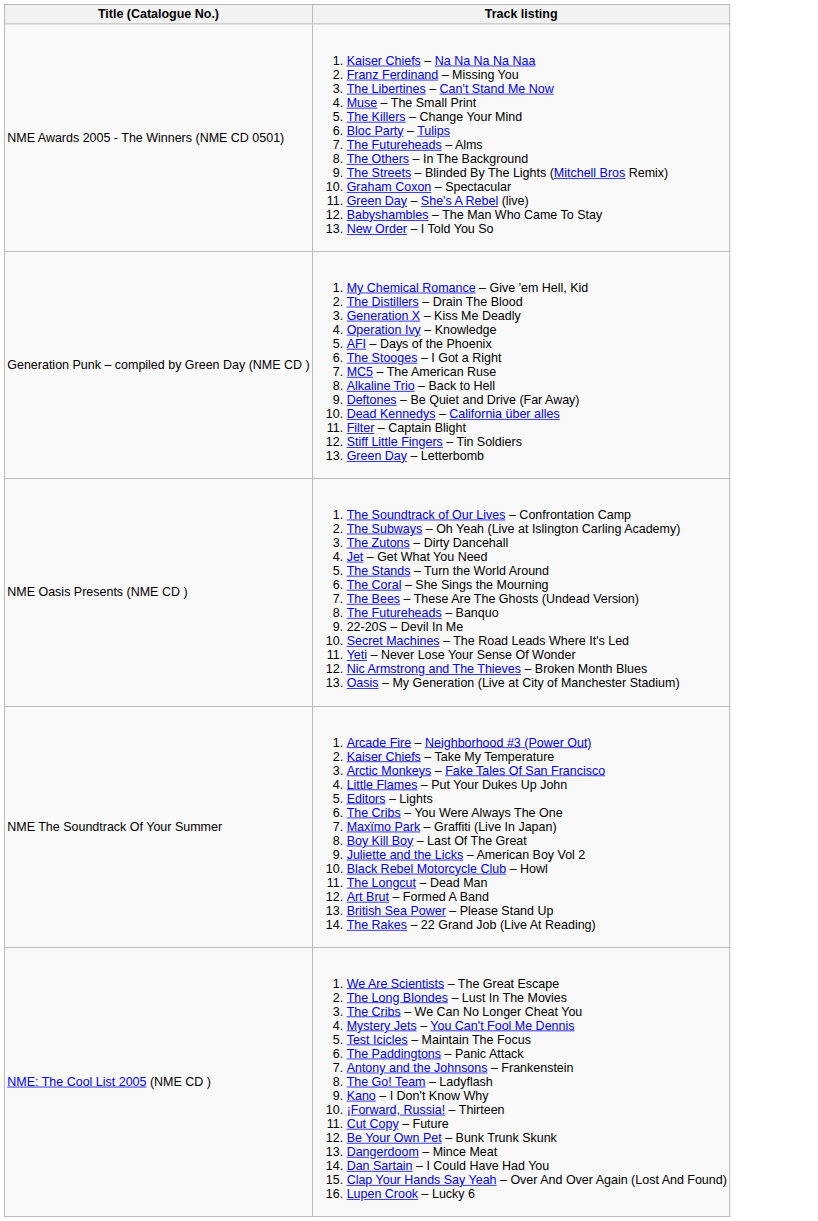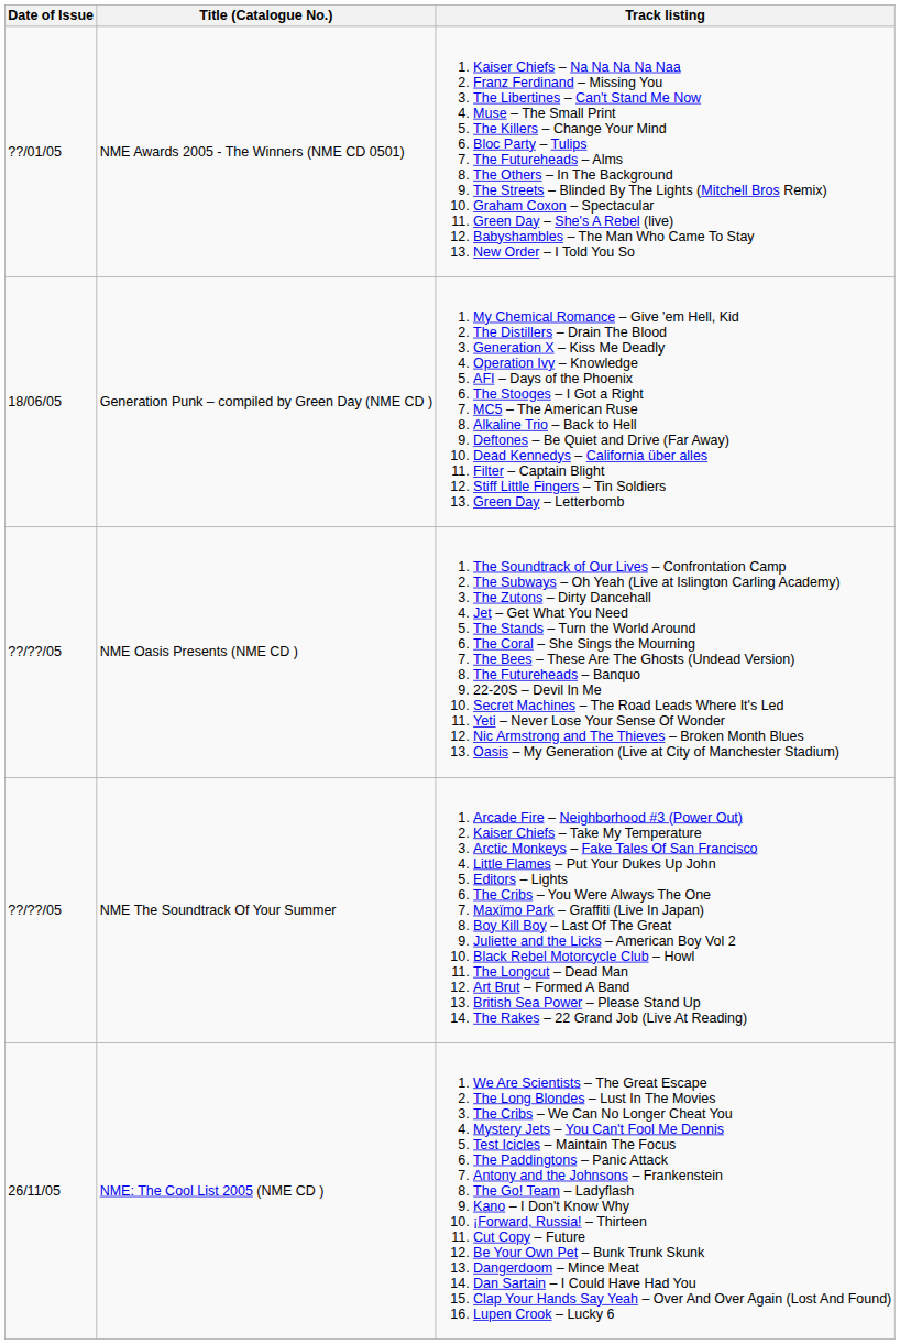 <table class="wikitable">
 <tr>
+<th>Date of Issue</th>
 <th>Title (Catalogue No.)</th>
 <th>Track listing</th>
 </tr>
 <tr>
+<td>??/01/05</td>
 <td>NME Awards 2005 - The Winners (NME CD 0501)</td>
 <td><br><ol><li><a href='#'>Kaiser Chiefs</a> – <a href='#'>Na Na Na Na Naa</a></li><li><a href='#'>Franz Ferdinand</a> – Missing You</li><li><a href='#'>The Libertines</a> – <a href='#'>Can't Stand Me Now</a></li><li><a href='#'>Muse</a> – The Small Print</li><li><a href='#'>The Killers</a> – Change Your Mind</li><li><a href='#'>Bloc Party</a> – <a href='#'>Tulips</a></li><li><a href='#'>The Futureheads</a> – Alms</li><li><a href='#'>The Others</a> – In The Background</li><li><a href='#'>The Streets</a> – Blinded By The Lights (<a href='#'>Mitchell Bros</a> Remix)</li><li><a href='#'>Graham Coxon</a> – Spectacular</li><li><a href='#'>Green Day</a> – <a href='#'>She's A Rebel</a> (live)</li><li><a href='#'>Babyshambles</a> – The Man Who Came To Stay</li><li><a href='#'>New Order</a> – I Told You So</li></ol></td>
 </tr>
 <tr>
+<td>18/06/05</td>
 <td>Generation Punk – compiled by Green Day (NME CD )</td>
 <td><br><ol><li><a href='#'>My Chemical Romance</a> – Give 'em Hell, Kid</li><li><a href='#'>The Distillers</a> – Drain The Blood</li><li><a href='#'>Generation X</a> – Kiss Me Deadly</li><li><a href='#'>Operation Ivy</a> – Knowledge</li><li><a href='#'>AFI</a> – Days of the Phoenix</li><li><a href='#'>The Stooges</a> – I Got a Right</li><li><a href='#'>MC5</a> – The American Ruse</li><li><a href='#'>Alkaline Trio</a> – Back to Hell</li><li><a href='#'>Deftones</a> – Be Quiet and Drive (Far Away)</li><li><a href='#'>Dead Kennedys</a> – <a href='#'>California über alles</a></li><li><a href='#'>Filter</a> – Captain Blight</li><li><a href='#'>Stiff Little Fingers</a> – Tin Soldiers</li><li><a href='#'>Green Day</a> – Letterbomb</li></ol></td>
 </tr>
 <tr>
+<td>??/??/05</td>
 <td>NME Oasis Presents (NME CD )</td>
 <td><br><ol><li><a href='#'>The Soundtrack of Our Lives</a> – Confrontation Camp</li><li><a href='#'>The Subways</a> – Oh Yeah (Live at Islington Carling Academy)</li><li><a href='#'>The Zutons</a> – Dirty Dancehall</li><li><a href='#'>Jet</a> – Get What You Need</li><li><a href='#'>The Stands</a> – Turn the World Around</li><li><a href='#'>The Coral</a> – She Sings the Mourning</li><li><a href='#'>The Bees</a> – These Are The Ghosts (Undead Version)</li><li><a href='#'>The Futureheads</a> – Banquo</li><li>22-20S – Devil In Me</li><li><a href='#'>Secret Machines</a> – The Road Leads Where It's Led</li><li><a href='#'>Yeti</a> – Never Lose Your Sense Of Wonder</li><li><a href='#'>Nic Armstrong and The Thieves</a> – Broken Month Blues</li><li><a href='#'>Oasis</a> – My Generation (Live at City of Manchester Stadium)</li></ol></td>
 </tr>
 <tr>
+<td>??/??/05</td>
 <td>NME The Soundtrack Of Your Summer</td>
 <td><br><ol><li><a href='#'>Arcade Fire</a> – <a href='#'>Neighborhood #3 (Power Out)</a></li><li><a href='#'>Kaiser Chiefs</a> – Take My Temperature</li><li><a href='#'>Arctic Monkeys</a> – <a href='#'>Fake Tales Of San Francisco</a></li><li><a href='#'>Little Flames</a> – Put Your Dukes Up John</li><li><a href='#'>Editors</a> – Lights</li><li><a href='#'>The Cribs</a> – You Were Always The One</li><li><a href='#'>Maxïmo Park</a> – Graffiti (Live In Japan)</li><li><a href='#'>Boy Kill Boy</a> – Last Of The Great</li><li><a href='#'>Juliette and the Licks</a> – American Boy Vol 2</li><li><a href='#'>Black Rebel Motorcycle Club</a> – Howl</li><li><a href='#'>The Longcut</a> – Dead Man</li><li><a href='#'>Art Brut</a> – Formed A Band</li><li><a href='#'>British Sea Power</a> – Please Stand Up</li><li><a href='#'>The Rakes</a> – 22 Grand Job (Live At Reading)</li></ol></td>
 </tr>
 <tr>
+<td>26/11/05</td>
 <td><a href='#'>NME: The Cool List 2005</a> (NME CD )</td>
 <td><br><ol><li><a href='#'>We Are Scientists</a> – The Great Escape</li><li><a href='#'>The Long Blondes</a> – Lust In The Movies</li><li><a href='#'>The Cribs</a> – We Can No Longer Cheat You</li><li><a href='#'>Mystery Jets</a> – <a href='#'>You Can't Fool Me Dennis</a></li><li><a href='#'>Test Icicles</a> – Maintain The Focus</li><li><a href='#'>The Paddingtons</a> – Panic Attack</li><li><a href='#'>Antony and the Johnsons</a> – Frankenstein</li><li><a href='#'>The Go! Team</a> – Ladyflash</li><li><a href='#'>Kano</a> – I Don't Know Why</li><li><a href='#'>¡Forward, Russia!</a> – Thirteen</li><li><a href='#'>Cut Copy</a> – Future</li><li><a href='#'>Be Your Own Pet</a> – Bunk Trunk Skunk</li><li><a href='#'>Dangerdoom</a> – Mince Meat</li><li><a href='#'>Dan Sartain</a> – I Could Have Had You</li><li><a href='#'>Clap Your Hands Say Yeah</a> – Over And Over Again (Lost And Found)</li><li><a href='#'>Lupen Crook</a> – Lucky 6</li></ol></td>
 </tr>
 </table>
